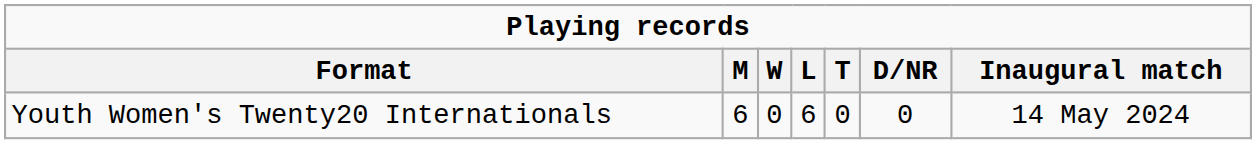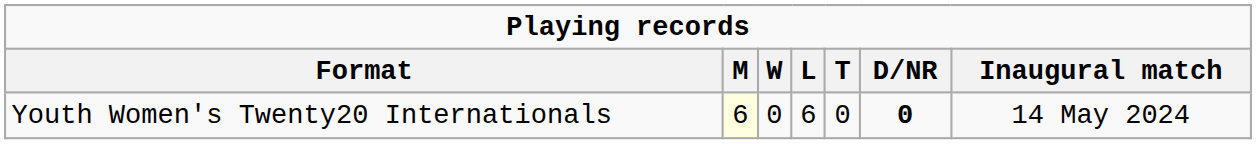 <table class="wikitable" style="text-align: center; width: 600px">
 <tr>
 <td colspan="8" align="center"><strong>Playing records</strong></td>
 </tr>
 <tr>
 <th>Format</th>
 <th>M</th>
 <th>W</th>
 <th>L</th>
 <th>T</th>
 <th>D/NR</th>
 <th>Inaugural match</th>
 </tr>
 <tr>
 <td align="left">Youth Women's Twenty20 Internationals</td>
-<td>6</td>
+<td style="background: lightyellow;">6</td>
 <td>0</td>
 <td>6</td>
 <td>0</td>
-<td>0</td>
+<td><strong>0</strong></td>
 <td>14 May 2024</td>
 </tr>
 </table>
